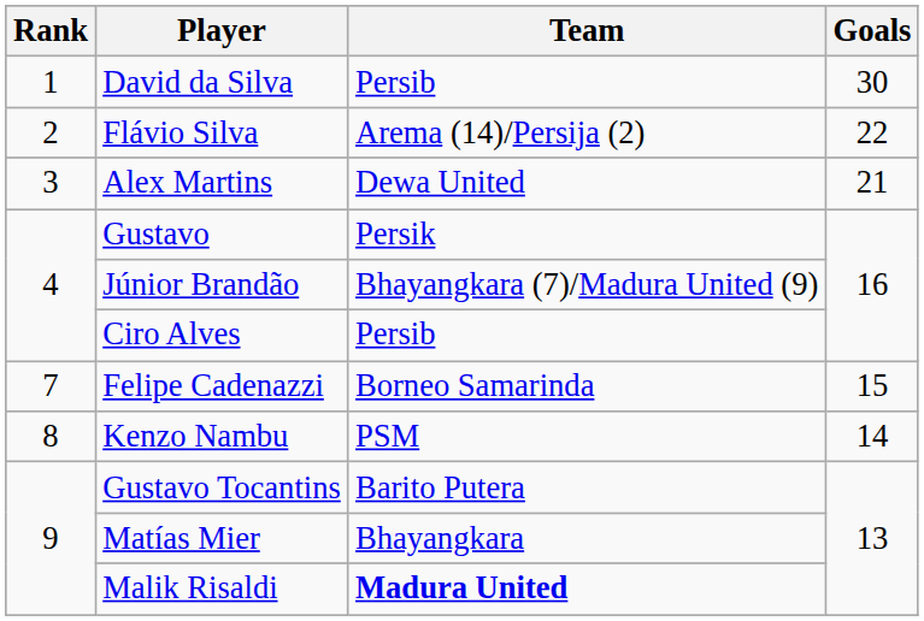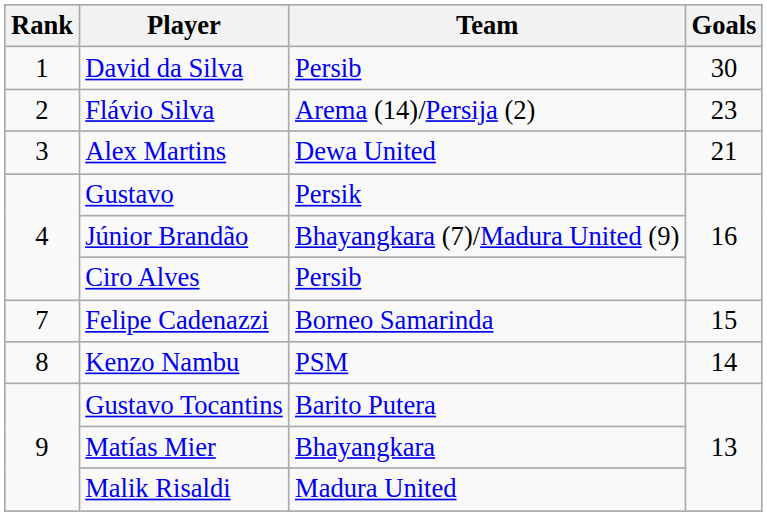 <table class="wikitable" style="text-align:center">
 <tr>
 <th>Rank</th>
 <th>Player</th>
 <th>Team</th>
 <th>Goals</th>
 </tr>
 <tr>
 <td>1</td>
 <td align="left"> <a href='#'>David da Silva</a></td>
 <td align="left"><a href='#'>Persib</a></td>
 <td>30</td>
 </tr>
 <tr>
 <td>2</td>
 <td align="left"> <a href='#'>Flávio Silva</a></td>
 <td align="left"><a href='#'>Arema</a> (14)/<a href='#'>Persija</a> (2)</td>
-<td>22</td>
+<td>23</td>
 </tr>
 <tr>
 <td>3</td>
 <td align="left"> <a href='#'>Alex Martins</a></td>
 <td align="left"><a href='#'>Dewa United</a></td>
 <td>21</td>
 </tr>
 <tr>
 <td rowspan="3">4</td>
 <td align="left"> <a href='#'>Gustavo</a></td>
 <td align="left"><a href='#'>Persik</a></td>
 <td rowspan="3">16</td>
 </tr>
 <tr>
 <td align="left"> <a href='#'>Júnior Brandão</a></td>
 <td align="left"><a href='#'>Bhayangkara</a> (7)/<a href='#'>Madura United</a> (9)</td>
 </tr>
 <tr>
 <td align="left"> <a href='#'>Ciro Alves</a></td>
 <td align="left"><a href='#'>Persib</a></td>
 </tr>
 <tr>
 <td>7</td>
 <td align="left"> <a href='#'>Felipe Cadenazzi</a></td>
 <td align="left"><a href='#'>Borneo Samarinda</a></td>
 <td>15</td>
 </tr>
 <tr>
 <td>8</td>
 <td align="left"> <a href='#'>Kenzo Nambu</a></td>
 <td align="left"><a href='#'>PSM</a></td>
 <td>14</td>
 </tr>
 <tr>
 <td rowspan="3">9</td>
 <td align="left"> <a href='#'>Gustavo Tocantins</a></td>
 <td align="left"><a href='#'>Barito Putera</a></td>
 <td rowspan="3">13</td>
 </tr>
 <tr>
 <td align="left"> <a href='#'>Matías Mier</a></td>
 <td align="left"><a href='#'>Bhayangkara</a></td>
 </tr>
 <tr>
 <td align="left"> <a href='#'>Malik Risaldi</a></td>
-<td align="left"><strong><a href='#'>Madura United</a></strong></td>
+<td align="left"><a href='#'>Madura United</a></td>
 </tr>
 </table>
